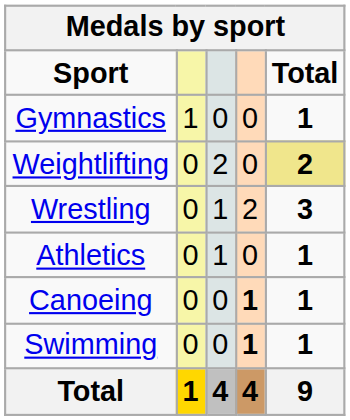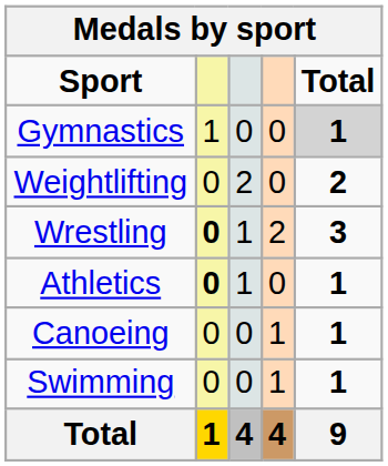 <table class=wikitable style="font-size:85%; float:right">
 <tr bgcolor=efefef>
 <th colspan=7>Medals by sport</th>
 </tr>
 <tr align=center>
 <td><strong>Sport</strong></td>
 <td bgcolor=f7f6a8></td>
 <td bgcolor=dce5e5></td>
 <td bgcolor=ffdab9></td>
 <td><strong>Total</strong></td>
 </tr>
 <tr align=center>
 <td><a href='#'>Gymnastics</a></td>
 <td style="background:#F7F6A8;">1</td>
 <td style="background:#DCE5E5;">0</td>
 <td style="background:#FFDAB9;">0</td>
-<td><strong>1</strong></td>
+<td style="background: lightgrey;"><strong>1</strong></td>
 </tr>
 <tr align=center>
 <td><a href='#'>Weightlifting</a></td>
 <td style="background:#F7F6A8;">0</td>
 <td style="background:#DCE5E5;">2</td>
 <td style="background:#FFDAB9;">0</td>
-<td style="background: khaki;"><strong>2</strong></td>
+<td><strong>2</strong></td>
 </tr>
 <tr align=center>
 <td><a href='#'>Wrestling</a></td>
-<td style="background:#F7F6A8;">0</td>
+<td style="background:#F7F6A8;"><strong>0</strong></td>
 <td style="background:#DCE5E5;">1</td>
 <td style="background:#FFDAB9;">2</td>
 <td><strong>3</strong></td>
 </tr>
 <tr align=center>
 <td><a href='#'>Athletics</a></td>
-<td style="background:#F7F6A8;">0</td>
+<td style="background:#F7F6A8;"><strong>0</strong></td>
 <td style="background:#DCE5E5;">1</td>
 <td style="background:#FFDAB9;">0</td>
 <td><strong>1</strong></td>
 </tr>
 <tr align=center>
 <td><a href='#'>Canoeing</a></td>
 <td style="background:#F7F6A8;">0</td>
 <td style="background:#DCE5E5;">0</td>
-<td style="background:#FFDAB9;"><strong>1</strong></td>
+<td style="background:#FFDAB9;">1</td>
 <td><strong>1</strong></td>
 </tr>
 <tr align=center>
 <td><a href='#'>Swimming</a></td>
 <td style="background:#F7F6A8;">0</td>
 <td style="background:#DCE5E5;">0</td>
-<td style="background:#FFDAB9;"><strong>1</strong></td>
+<td style="background:#FFDAB9;">1</td>
 <td><strong>1</strong></td>
 </tr>
 <tr align=center>
 <th>Total</th>
 <th style="background:gold">1</th>
 <th style="background:silver">4</th>
 <th style="background:#c96">4</th>
 <th>9</th>
 </tr>
 </table>
